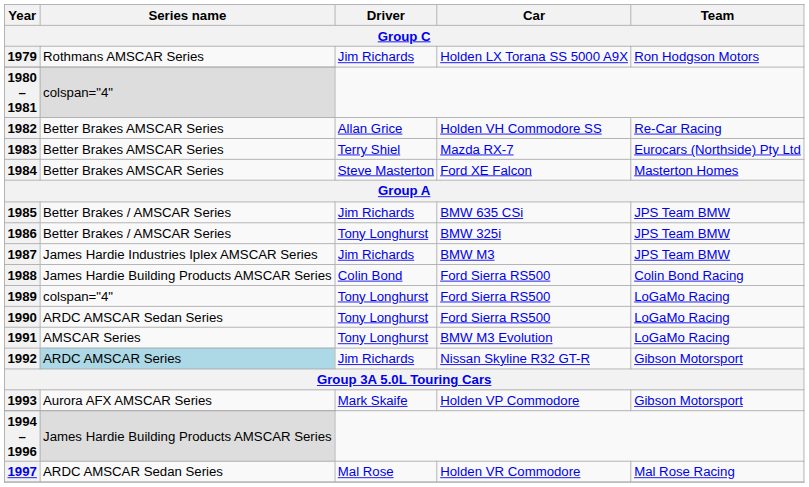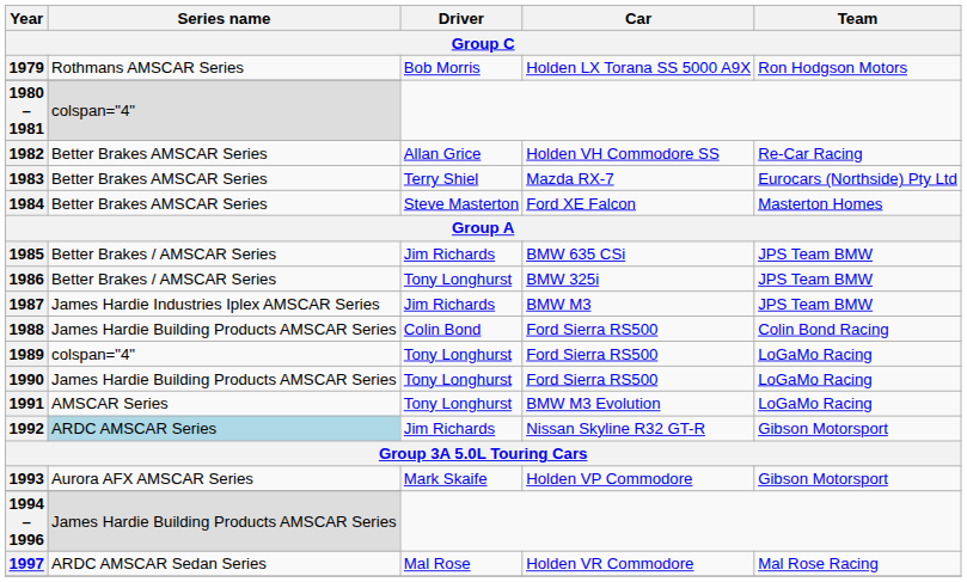 <table class="wikitable" style="font-size: 95%">
 <tr>
 <th>Year</th>
 <th>Series name</th>
 <th>Driver</th>
 <th>Car</th>
 <th>Team</th>
 </tr>
 <tr>
 <th colspan=5><a href='#'>Group C</a></th>
 </tr>
 <tr>
 <th>1979</th>
 <td>Rothmans AMSCAR Series</td>
-<td> <a href='#'>Jim Richards</a></td>
+<td> <a href='#'>Bob Morris</a></td>
 <td><a href='#'>Holden LX Torana SS 5000 A9X</a></td>
 <td><a href='#'>Ron Hodgson Motors</a></td>
 </tr>
 <tr>
 </tr>
 <tr style="background: #dddddd">
 <th>1980<br>–<br>1981</th>
 <td>colspan="4" </td>
 </tr>
 <tr>
 <th>1982</th>
 <td>Better Brakes AMSCAR Series</td>
 <td> <a href='#'>Allan Grice</a></td>
 <td><a href='#'>Holden VH Commodore SS</a></td>
 <td><a href='#'>Re-Car Racing</a></td>
 </tr>
 <tr>
 <th>1983</th>
 <td>Better Brakes AMSCAR Series</td>
 <td> <a href='#'>Terry Shiel</a></td>
 <td><a href='#'>Mazda RX-7</a></td>
 <td><a href='#'>Eurocars (Northside) Pty Ltd</a></td>
 </tr>
 <tr>
 <th>1984</th>
 <td>Better Brakes AMSCAR Series</td>
 <td> <a href='#'>Steve Masterton</a></td>
 <td><a href='#'>Ford XE Falcon</a></td>
 <td><a href='#'>Masterton Homes</a></td>
 </tr>
 <tr>
 <th colspan=5><a href='#'>Group A</a></th>
 </tr>
 <tr>
 <th>1985</th>
 <td>Better Brakes / AMSCAR Series</td>
 <td> <a href='#'>Jim Richards</a></td>
 <td><a href='#'>BMW 635 CSi</a></td>
 <td><a href='#'>JPS Team BMW</a></td>
 </tr>
 <tr>
 <th>1986</th>
 <td>Better Brakes / AMSCAR Series</td>
 <td> <a href='#'>Tony Longhurst</a></td>
 <td><a href='#'>BMW 325i</a></td>
 <td><a href='#'>JPS Team BMW</a></td>
 </tr>
 <tr>
 <th>1987</th>
 <td>James Hardie Industries Iplex AMSCAR Series</td>
 <td> <a href='#'>Jim Richards</a></td>
 <td><a href='#'>BMW M3</a></td>
 <td><a href='#'>JPS Team BMW</a></td>
 </tr>
 <tr>
 <th>1988</th>
 <td>James Hardie Building Products AMSCAR Series</td>
 <td> <a href='#'>Colin Bond</a></td>
 <td><a href='#'>Ford Sierra RS500</a></td>
 <td><a href='#'>Colin Bond Racing</a></td>
 </tr>
 <tr>
 <th>1989</th>
 <td>colspan="4" </td>
 <td> <a href='#'>Tony Longhurst</a></td>
 <td><a href='#'>Ford Sierra RS500</a></td>
 <td><a href='#'>LoGaMo Racing</a></td>
 </tr>
 <tr>
 <th>1990</th>
-<td>ARDC AMSCAR Sedan Series</td>
+<td>James Hardie Building Products AMSCAR Series</td>
 <td> <a href='#'>Tony Longhurst</a></td>
 <td><a href='#'>Ford Sierra RS500</a></td>
 <td><a href='#'>LoGaMo Racing</a></td>
 </tr>
 <tr>
 <th>1991</th>
 <td>AMSCAR Series</td>
 <td> <a href='#'>Tony Longhurst</a></td>
 <td><a href='#'>BMW M3 Evolution</a></td>
 <td><a href='#'>LoGaMo Racing</a></td>
 </tr>
 <tr>
 <th>1992</th>
 <td style="background: lightblue;">ARDC AMSCAR Series</td>
 <td> <a href='#'>Jim Richards</a></td>
 <td><a href='#'>Nissan Skyline R32 GT-R</a></td>
 <td><a href='#'>Gibson Motorsport</a></td>
 </tr>
 <tr>
 <th colspan=5><a href='#'>Group 3A 5.0L Touring Cars</a></th>
 </tr>
 <tr>
 <th>1993</th>
 <td>Aurora AFX AMSCAR Series</td>
 <td> <a href='#'>Mark Skaife</a></td>
 <td><a href='#'>Holden VP Commodore</a></td>
 <td><a href='#'>Gibson Motorsport</a></td>
 </tr>
 <tr>
 </tr>
 <tr style="background: #dddddd">
 <th>1994<br>–<br>1996</th>
 <td>James Hardie Building Products AMSCAR Series</td>
 </tr>
 <tr>
 <th><a href='#'>1997</a></th>
 <td>ARDC AMSCAR Sedan Series</td>
 <td> <a href='#'>Mal Rose</a></td>
 <td><a href='#'>Holden VR Commodore</a></td>
 <td><a href='#'>Mal Rose Racing</a></td>
 </tr>
 <tr>
 </tr>
 </table>
